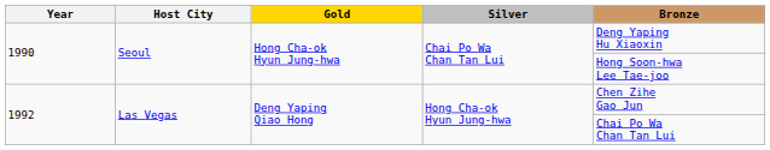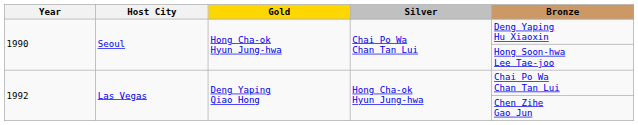 <table class="wikitable" style="text-align: left; width: 900px;">
 <tr>
 <th width="120">Year</th>
 <th width="150">Host City</th>
 <th width="190" style="background-color: gold">Gold</th>
 <th width="190" style="background-color: silver">Silver</th>
 <th width="190" style="background-color: #cc9966">Bronze</th>
 </tr>
 <tr>
 <td rowspan=2>1990</td>
 <td rowspan=2><a href='#'>Seoul</a></td>
 <td rowspan=2> <a href='#'>Hong Cha-ok</a><br> <a href='#'>Hyun Jung-hwa</a></td>
 <td rowspan=2> <a href='#'>Chai Po Wa</a><br> <a href='#'>Chan Tan Lui</a></td>
 <td> <a href='#'>Deng Yaping</a><br> <a href='#'>Hu Xiaoxin</a></td>
 </tr>
 <tr>
 <td> <a href='#'>Hong Soon-hwa</a><br> <a href='#'>Lee Tae-joo</a></td>
 </tr>
 <tr>
 <td rowspan=2>1992</td>
 <td rowspan=2><a href='#'>Las Vegas</a></td>
 <td rowspan=2> <a href='#'>Deng Yaping</a><br> <a href='#'>Qiao Hong</a></td>
 <td rowspan=2> <a href='#'>Hong Cha-ok</a><br> <a href='#'>Hyun Jung-hwa</a></td>
+<td> <a href='#'>Chai Po Wa</a><br> <a href='#'>Chan Tan Lui</a></td>
+</tr>
+<tr>
 <td> <a href='#'>Chen Zihe</a><br> <a href='#'>Gao Jun</a></td>
 </tr>
-<tr>
-<td> <a href='#'>Chai Po Wa</a><br> <a href='#'>Chan Tan Lui</a></td>
-</tr>
 </table>
